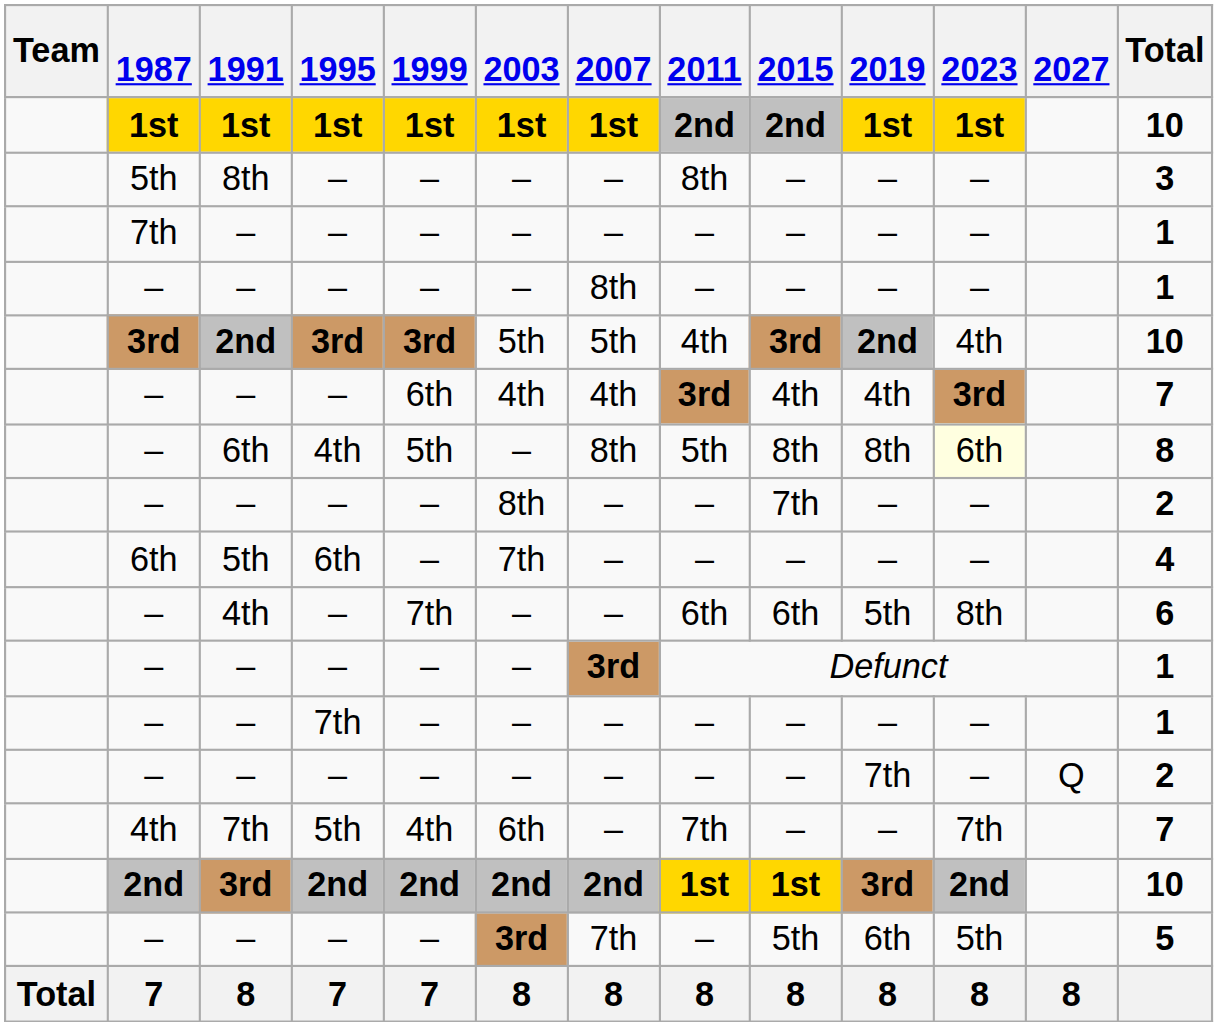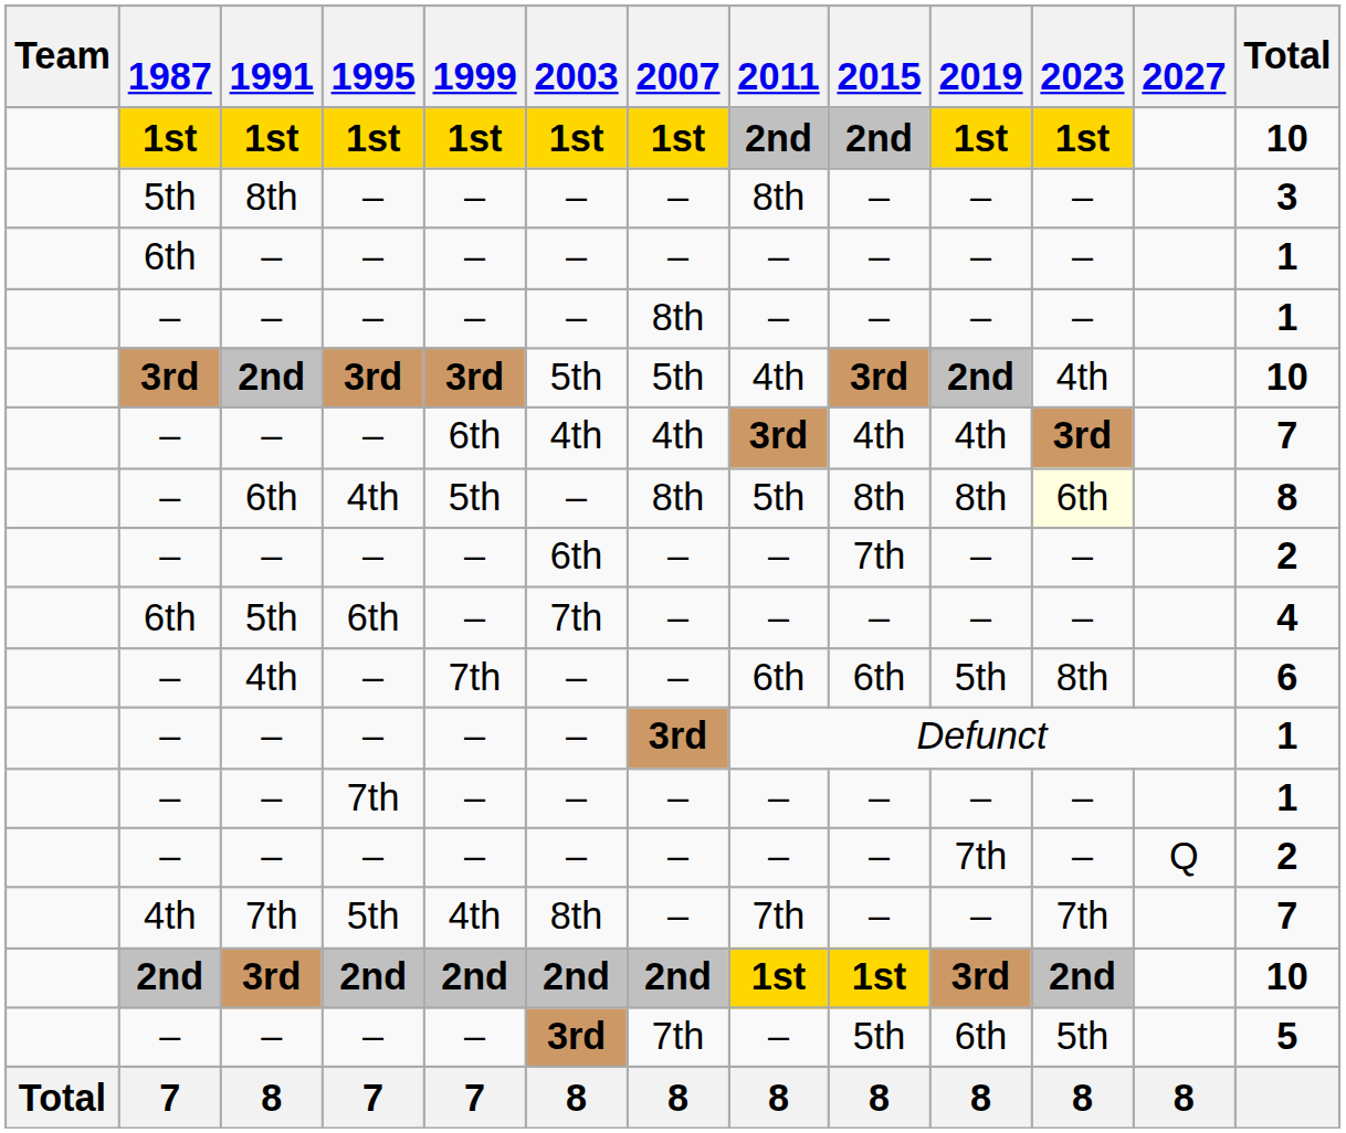 <table class="wikitable" style="text-align:center">
 <tr>
 <th>Team</th>
 <th><br><a href='#'>1987</a></th>
 <th><br><a href='#'>1991</a></th>
 <th><br><a href='#'>1995</a></th>
 <th><br><a href='#'>1999</a></th>
 <th><br><a href='#'>2003</a></th>
 <th><br><a href='#'>2007</a></th>
 <th><br><a href='#'>2011</a></th>
 <th><br><a href='#'>2015</a></th>
 <th><br><a href='#'>2019</a></th>
 <th><br><a href='#'>2023</a></th>
 <th><br><a href='#'>2027</a></th>
 <th>Total</th>
 </tr>
 <tr>
 <td align=left></td>
 <td bgcolor=gold><strong>1st</strong></td>
 <td bgcolor=gold><strong>1st</strong></td>
 <td bgcolor=gold><strong>1st</strong></td>
 <td bgcolor=gold><strong>1st</strong></td>
 <td bgcolor=gold><strong>1st</strong></td>
 <td bgcolor=gold><strong>1st</strong></td>
 <td bgcolor=silver><strong>2nd</strong></td>
 <td bgcolor=silver><strong>2nd</strong></td>
 <td bgcolor=gold><strong>1st</strong></td>
 <td bgcolor=gold><strong>1st</strong></td>
 <td></td>
 <td><strong>10</strong></td>
 </tr>
 <tr>
 <td align=left></td>
 <td>5th</td>
 <td>8th</td>
 <td>–</td>
 <td>–</td>
 <td>–</td>
 <td>–</td>
 <td>8th</td>
 <td>–</td>
 <td>–</td>
 <td>–</td>
 <td></td>
 <td><strong>3</strong></td>
 </tr>
 <tr>
 <td align=left></td>
-<td>7th</td>
+<td>6th</td>
 <td>–</td>
 <td>–</td>
 <td>–</td>
 <td>–</td>
 <td>–</td>
 <td>–</td>
 <td>–</td>
 <td>–</td>
 <td>–</td>
 <td></td>
 <td><strong>1</strong></td>
 </tr>
 <tr>
 <td align=left></td>
 <td>–</td>
 <td>–</td>
 <td>–</td>
 <td>–</td>
 <td>–</td>
 <td>8th</td>
 <td>–</td>
 <td>–</td>
 <td>–</td>
 <td>–</td>
 <td></td>
 <td><strong>1</strong></td>
 </tr>
 <tr>
 <td align=left></td>
 <td bgcolor=#cc9966><strong>3rd</strong></td>
 <td bgcolor=silver><strong>2nd</strong></td>
 <td bgcolor=#cc9966><strong>3rd</strong></td>
 <td bgcolor=#cc9966><strong>3rd</strong></td>
 <td>5th</td>
 <td>5th</td>
 <td>4th</td>
 <td bgcolor=#cc9966><strong>3rd</strong></td>
 <td bgcolor=silver><strong>2nd</strong></td>
 <td>4th</td>
 <td></td>
 <td><strong>10</strong></td>
 </tr>
 <tr>
 <td align=left></td>
 <td>–</td>
 <td>–</td>
 <td>–</td>
 <td>6th</td>
 <td>4th</td>
 <td>4th</td>
 <td bgcolor=#cc9966><strong>3rd</strong></td>
 <td>4th</td>
 <td>4th</td>
 <td bgcolor=cc9966><strong>3rd</strong></td>
 <td></td>
 <td><strong>7</strong></td>
 </tr>
 <tr>
 <td align=left></td>
 <td>–</td>
 <td>6th</td>
 <td>4th</td>
 <td>5th</td>
 <td>–</td>
 <td>8th</td>
 <td>5th</td>
 <td>8th</td>
 <td>8th</td>
 <td style="background: lightyellow;">6th</td>
 <td></td>
 <td><strong>8</strong></td>
 </tr>
 <tr>
 <td align=left></td>
 <td>–</td>
 <td>–</td>
 <td>–</td>
 <td>–</td>
-<td>8th</td>
+<td>6th</td>
 <td>–</td>
 <td>–</td>
 <td>7th</td>
 <td>–</td>
 <td>–</td>
 <td></td>
 <td><strong>2</strong></td>
 </tr>
 <tr>
 <td align=left></td>
 <td>6th</td>
 <td>5th</td>
 <td>6th</td>
 <td>–</td>
 <td>7th</td>
 <td>–</td>
 <td>–</td>
 <td>–</td>
 <td>–</td>
 <td>–</td>
 <td></td>
 <td><strong>4</strong></td>
 </tr>
 <tr>
 <td align=left></td>
 <td>–</td>
 <td>4th</td>
 <td>–</td>
 <td>7th</td>
 <td>–</td>
 <td>–</td>
 <td>6th</td>
 <td>6th</td>
 <td>5th</td>
 <td>8th</td>
 <td></td>
 <td><strong>6</strong></td>
 </tr>
 <tr>
 <td align=left></td>
 <td>–</td>
 <td>–</td>
 <td>–</td>
 <td>–</td>
 <td>–</td>
 <td bgcolor=#cc9966><strong>3rd</strong></td>
 <td colspan=5><em>Defunct</em></td>
 <td><strong>1</strong></td>
 </tr>
 <tr>
 <td align=left></td>
 <td>–</td>
 <td>–</td>
 <td>7th</td>
 <td>–</td>
 <td>–</td>
 <td>–</td>
 <td>–</td>
 <td>–</td>
 <td>–</td>
 <td>–</td>
 <td></td>
 <td><strong>1</strong></td>
 </tr>
 <tr>
 <td align=left></td>
 <td>–</td>
 <td>–</td>
 <td>–</td>
 <td>–</td>
 <td>–</td>
 <td>–</td>
 <td>–</td>
 <td>–</td>
 <td>7th</td>
 <td>–</td>
 <td>Q</td>
 <td><strong>2</strong></td>
 </tr>
 <tr>
 <td align=left></td>
 <td>4th</td>
 <td>7th</td>
 <td>5th</td>
 <td>4th</td>
-<td>6th</td>
+<td>8th</td>
 <td>–</td>
 <td>7th</td>
 <td>–</td>
 <td>–</td>
 <td>7th</td>
 <td></td>
 <td><strong>7</strong></td>
 </tr>
 <tr>
 <td align=left></td>
 <td bgcolor=silver><strong>2nd</strong></td>
 <td bgcolor=#cc9966><strong>3rd</strong></td>
 <td bgcolor=silver><strong>2nd</strong></td>
 <td bgcolor=silver><strong>2nd</strong></td>
 <td bgcolor=silver><strong>2nd</strong></td>
 <td bgcolor=silver><strong>2nd</strong></td>
 <td bgcolor=gold><strong>1st</strong></td>
 <td bgcolor=gold><strong>1st</strong></td>
 <td bgcolor=cc9966><strong>3rd</strong></td>
 <td bgcolor=silver><strong>2nd</strong></td>
 <td></td>
 <td><strong>10</strong></td>
 </tr>
 <tr>
 <td align=left></td>
 <td>–</td>
 <td>–</td>
 <td>–</td>
 <td>–</td>
 <td bgcolor=#cc9966><strong>3rd</strong></td>
 <td>7th</td>
 <td>–</td>
 <td>5th</td>
 <td>6th</td>
 <td>5th</td>
 <td></td>
 <td><strong>5</strong></td>
 </tr>
 <tr>
 <th>Total</th>
 <th>7</th>
 <th>8</th>
 <th>7</th>
 <th>7</th>
 <th>8</th>
 <th>8</th>
 <th>8</th>
 <th>8</th>
 <th>8</th>
 <th>8</th>
 <th>8</th>
 <th></th>
 </tr>
 </table>
